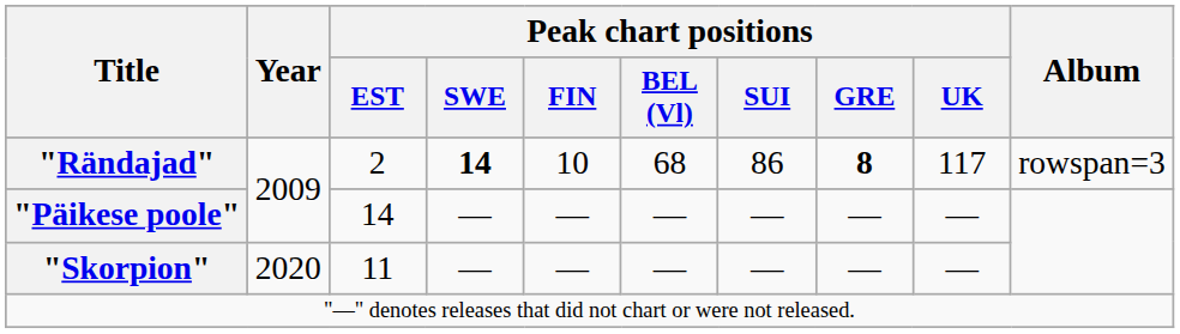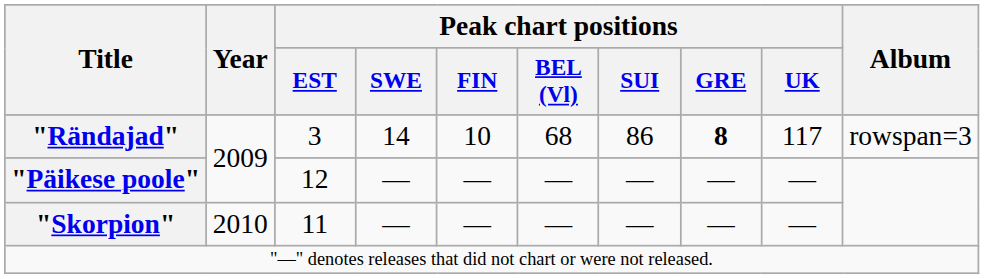 <table class="wikitable plainrowheaders" style="text-align:center;">
 <tr>
 <th scope="col" rowspan="2">Title</th>
 <th scope="col" rowspan="2" style="width:1em;">Year</th>
 <th scope="col" colspan="7">Peak chart positions</th>
 <th scope="col" rowspan="2">Album</th>
 </tr>
 <tr>
 <th scope="col" style="width:3em;font-size:85%;"><a href='#'>EST</a><br> </th>
 <th scope="col" style="width:3em;font-size:85%;"><a href='#'>SWE</a><br></th>
 <th scope="col" style="width:3em;font-size:85%;"><a href='#'>FIN</a><br></th>
 <th scope="col" style="width:3em;font-size:85%;"><a href='#'>BEL (Vl)</a><br></th>
 <th scope="col" style="width:3em;font-size:85%;"><a href='#'>SUI</a><br></th>
 <th scope="col" style="width:3em;font-size:85%;"><a href='#'>GRE</a><br></th>
 <th scope="col" style="width:3em;font-size:85%;"><a href='#'>UK</a><br></th>
 </tr>
 <tr>
 <th scope="row">"<a href='#'>Rändajad</a>"</th>
 <td rowspan="2">2009</td>
-<td align="center">2</td>
-<td align="center"><strong>14</strong></td>
+<td align="center">3</td>
+<td align="center">14</td>
 <td align="center">10</td>
 <td align="center">68</td>
 <td align="center">86</td>
 <td align="center"><strong>8</strong></td>
 <td align="center">117</td>
 <td>rowspan=3 </td>
 </tr>
 <tr>
 <th scope="row">"<a href='#'>Päikese poole</a>"</th>
-<td align="center">14</td>
+<td align="center">12</td>
 <td align="center">—</td>
 <td align="center">—</td>
 <td align="center">—</td>
 <td align="center">—</td>
 <td align="center">—</td>
 <td align="center">—</td>
 </tr>
 <tr>
 <th scope="row">"<a href='#'>Skorpion</a>"</th>
-<td>2020</td>
+<td>2010</td>
 <td align="center">11</td>
 <td align="center">—</td>
 <td align="center">—</td>
 <td align="center">—</td>
 <td align="center">—</td>
 <td align="center">—</td>
 <td align="center">—</td>
 </tr>
 <tr>
 <td colspan="11" style="font-size: 8pt">"—" denotes releases that did not chart or were not released.</td>
 </tr>
 </table>
